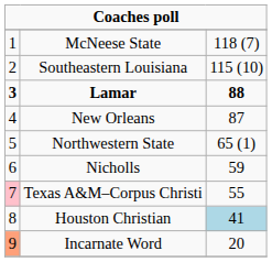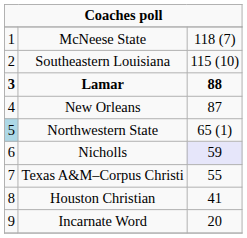 <table class="wikitable">
 <tr align="center">
 <td align="center" Colspan="3"><strong>Coaches poll</strong></td>
 </tr>
 <tr align="center">
 </tr>
 <tr align="center">
 <td>1</td>
 <td>McNeese State</td>
 <td>118 (7)</td>
 </tr>
 <tr align="center">
 <td>2</td>
 <td>Southeastern Louisiana</td>
 <td>115 (10)</td>
 </tr>
 <tr align="center">
 <td><strong>3</strong></td>
 <td><strong>Lamar</strong></td>
 <td><strong>88</strong></td>
 </tr>
 <tr align="center">
 <td>4</td>
 <td>New Orleans</td>
 <td>87</td>
 </tr>
 <tr align="center">
-<td>5</td>
+<td style="background: lightblue;">5</td>
 <td>Northwestern State</td>
 <td>65 (1)</td>
 </tr>
 <tr align="center">
 <td>6</td>
 <td>Nicholls</td>
-<td>59</td>
+<td style="background: lavender;">59</td>
 </tr>
 <tr align="center">
-<td style="background: pink;">7</td>
+<td>7</td>
 <td>Texas A&M–Corpus Christi</td>
 <td>55</td>
 </tr>
 <tr align="center">
 <td>8</td>
 <td>Houston Christian</td>
-<td style="background: lightblue;">41</td>
+<td>41</td>
 </tr>
 <tr align="center">
-<td style="background: lightsalmon;">9</td>
+<td>9</td>
 <td>Incarnate Word</td>
 <td>20</td>
 </tr>
 <tr align="center">
 </tr>
 </table>
